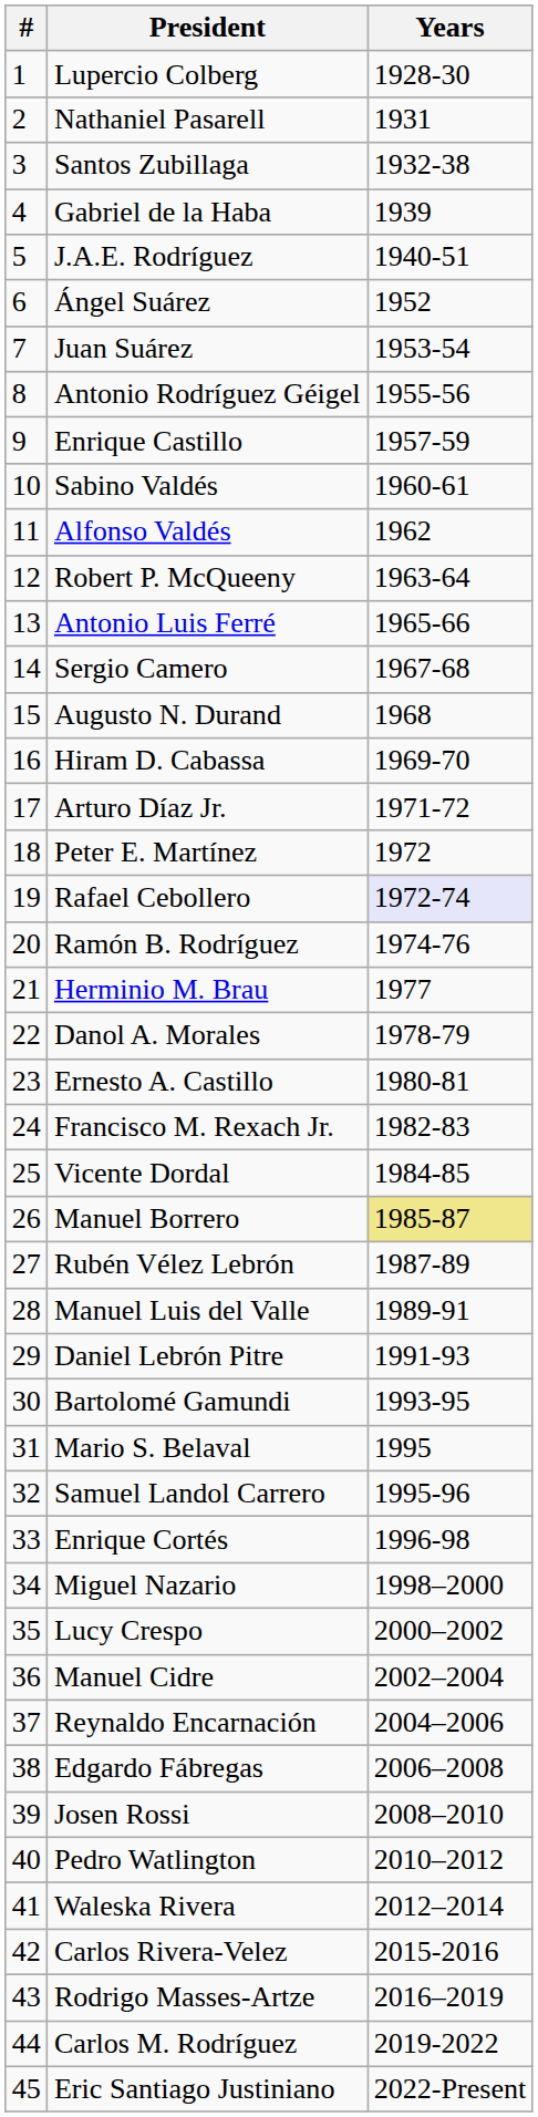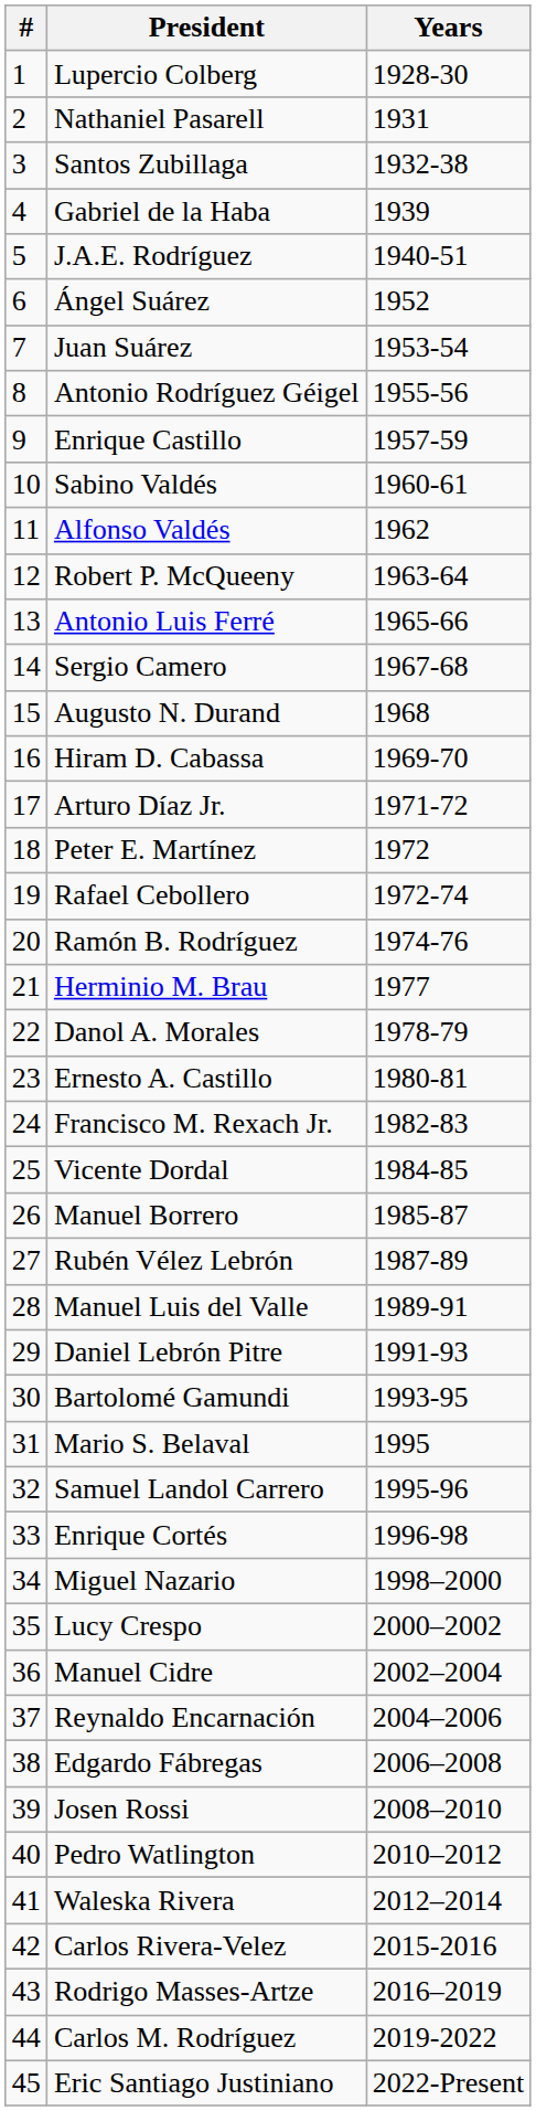 <table class="wikitable sortable">
 <tr style="background:#eee;">
 <th>#</th>
 <th>President</th>
 <th>Years</th>
 </tr>
 <tr>
 <td>1</td>
 <td>Lupercio Colberg</td>
 <td>1928-30</td>
 </tr>
 <tr>
 <td>2</td>
 <td>Nathaniel Pasarell</td>
 <td>1931</td>
 </tr>
 <tr>
 <td>3</td>
 <td>Santos Zubillaga</td>
 <td>1932-38</td>
 </tr>
 <tr>
 <td>4</td>
 <td>Gabriel de la Haba</td>
 <td>1939</td>
 </tr>
 <tr>
 <td>5</td>
 <td>J.A.E. Rodríguez</td>
 <td>1940-51</td>
 </tr>
 <tr>
 <td>6</td>
 <td>Ángel Suárez</td>
 <td>1952</td>
 </tr>
 <tr>
 <td>7</td>
 <td>Juan Suárez</td>
 <td>1953-54</td>
 </tr>
 <tr>
 <td>8</td>
 <td>Antonio Rodríguez Géigel</td>
 <td>1955-56</td>
 </tr>
 <tr>
 <td>9</td>
 <td>Enrique Castillo</td>
 <td>1957-59</td>
 </tr>
 <tr>
 <td>10</td>
 <td>Sabino Valdés</td>
 <td>1960-61</td>
 </tr>
 <tr>
 <td>11</td>
 <td><a href='#'>Alfonso Valdés</a></td>
 <td>1962</td>
 </tr>
 <tr>
 <td>12</td>
 <td>Robert P. McQueeny</td>
 <td>1963-64</td>
 </tr>
 <tr>
 <td>13</td>
 <td><a href='#'>Antonio Luis Ferré</a></td>
 <td>1965-66</td>
 </tr>
 <tr>
 <td>14</td>
 <td>Sergio Camero</td>
 <td>1967-68</td>
 </tr>
 <tr>
 <td>15</td>
 <td>Augusto N. Durand</td>
 <td>1968</td>
 </tr>
 <tr>
 <td>16</td>
 <td>Hiram D. Cabassa</td>
 <td>1969-70</td>
 </tr>
 <tr>
 <td>17</td>
 <td>Arturo Díaz Jr.</td>
 <td>1971-72</td>
 </tr>
 <tr>
 <td>18</td>
 <td>Peter E. Martínez</td>
 <td>1972</td>
 </tr>
 <tr>
 <td>19</td>
 <td>Rafael Cebollero</td>
-<td style="background: lavender;">1972-74</td>
+<td>1972-74</td>
 </tr>
 <tr>
 <td>20</td>
 <td>Ramón B. Rodríguez</td>
 <td>1974-76</td>
 </tr>
 <tr>
 <td>21</td>
 <td><a href='#'>Herminio M. Brau</a></td>
 <td>1977</td>
 </tr>
 <tr>
 <td>22</td>
 <td>Danol A. Morales</td>
 <td>1978-79</td>
 </tr>
 <tr>
 <td>23</td>
 <td>Ernesto A. Castillo</td>
 <td>1980-81</td>
 </tr>
 <tr>
 <td>24</td>
 <td>Francisco M. Rexach Jr.</td>
 <td>1982-83</td>
 </tr>
 <tr>
 <td>25</td>
 <td>Vicente Dordal</td>
 <td>1984-85</td>
 </tr>
 <tr>
 <td>26</td>
 <td>Manuel Borrero</td>
-<td style="background: khaki;">1985-87</td>
+<td>1985-87</td>
 </tr>
 <tr>
 <td>27</td>
 <td>Rubén Vélez Lebrón</td>
 <td>1987-89</td>
 </tr>
 <tr>
 <td>28</td>
 <td>Manuel Luis del Valle</td>
 <td>1989-91</td>
 </tr>
 <tr>
 <td>29</td>
 <td>Daniel Lebrón Pitre</td>
 <td>1991-93</td>
 </tr>
 <tr>
 <td>30</td>
 <td>Bartolomé Gamundi</td>
 <td>1993-95</td>
 </tr>
 <tr>
 <td>31</td>
 <td>Mario S. Belaval</td>
 <td>1995</td>
 </tr>
 <tr>
 <td>32</td>
 <td>Samuel Landol Carrero</td>
 <td>1995-96</td>
 </tr>
 <tr>
 <td>33</td>
 <td>Enrique Cortés</td>
 <td>1996-98</td>
 </tr>
 <tr>
 <td>34</td>
 <td>Miguel Nazario</td>
 <td>1998–2000</td>
 </tr>
 <tr>
 <td>35</td>
 <td>Lucy Crespo</td>
 <td>2000–2002</td>
 </tr>
 <tr>
 <td>36</td>
 <td>Manuel Cidre</td>
 <td>2002–2004</td>
 </tr>
 <tr>
 <td>37</td>
 <td>Reynaldo Encarnación</td>
 <td>2004–2006</td>
 </tr>
 <tr>
 <td>38</td>
 <td>Edgardo Fábregas</td>
 <td>2006–2008</td>
 </tr>
 <tr>
 <td>39</td>
 <td>Josen Rossi</td>
 <td>2008–2010</td>
 </tr>
 <tr>
 <td>40</td>
 <td>Pedro Watlington</td>
 <td>2010–2012</td>
 </tr>
 <tr>
 <td>41</td>
 <td>Waleska Rivera</td>
 <td>2012–2014</td>
 </tr>
 <tr>
 <td>42</td>
 <td>Carlos Rivera-Velez</td>
 <td>2015-2016</td>
 </tr>
 <tr>
 <td>43</td>
 <td>Rodrigo Masses-Artze</td>
 <td>2016–2019</td>
 </tr>
 <tr>
 <td>44</td>
 <td>Carlos M. Rodríguez</td>
 <td>2019-2022</td>
 </tr>
 <tr>
 <td>45</td>
 <td>Eric Santiago Justiniano</td>
 <td>2022-Present</td>
 </tr>
 </table>
